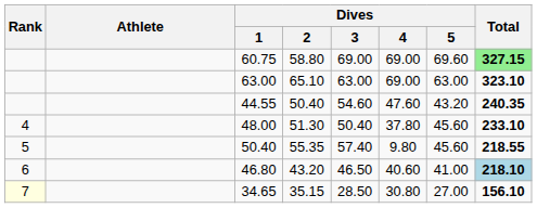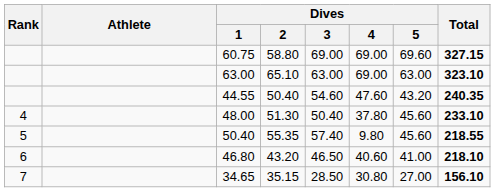 <table class=wikitable style="text-align:center">
 <tr>
 <th rowspan="2" width=40>Rank</th>
 <th rowspan="2" width=250>Athlete</th>
 <th colspan="5">Dives</th>
 <th rowspan="2" width=60>Total</th>
 </tr>
 <tr>
 <th width=50>1</th>
 <th width=50>2</th>
 <th width=50>3</th>
 <th width=50>4</th>
 <th width=50>5</th>
 </tr>
 <tr>
 <td></td>
 <td style="text-align:left"></td>
 <td>60.75</td>
 <td>58.80</td>
 <td>69.00</td>
 <td>69.00</td>
 <td>69.60</td>
-<td style="background: lightgreen;"><strong>327.15</strong></td>
+<td><strong>327.15</strong></td>
 </tr>
 <tr>
 <td></td>
 <td style="text-align:left"></td>
 <td>63.00</td>
 <td>65.10</td>
 <td>63.00</td>
 <td>69.00</td>
 <td>63.00</td>
 <td><strong>323.10</strong></td>
 </tr>
 <tr>
 <td></td>
 <td style="text-align:left"></td>
 <td>44.55</td>
 <td>50.40</td>
 <td>54.60</td>
 <td>47.60</td>
 <td>43.20</td>
 <td><strong>240.35</strong></td>
 </tr>
 <tr>
 <td>4</td>
 <td style="text-align:left"></td>
 <td>48.00</td>
 <td>51.30</td>
 <td>50.40</td>
 <td>37.80</td>
 <td>45.60</td>
 <td><strong>233.10</strong></td>
 </tr>
 <tr>
 <td>5</td>
 <td style="text-align:left"></td>
 <td>50.40</td>
 <td>55.35</td>
 <td>57.40</td>
 <td>9.80</td>
 <td>45.60</td>
 <td><strong>218.55</strong></td>
 </tr>
 <tr>
 <td>6</td>
 <td style="text-align:left"></td>
 <td>46.80</td>
 <td>43.20</td>
 <td>46.50</td>
 <td>40.60</td>
 <td>41.00</td>
-<td style="background: lightblue;"><strong>218.10</strong></td>
+<td><strong>218.10</strong></td>
 </tr>
 <tr>
-<td style="background: lightyellow;">7</td>
+<td>7</td>
 <td style="text-align:left"></td>
 <td>34.65</td>
 <td>35.15</td>
 <td>28.50</td>
 <td>30.80</td>
 <td>27.00</td>
 <td><strong>156.10</strong></td>
 </tr>
 </table>
